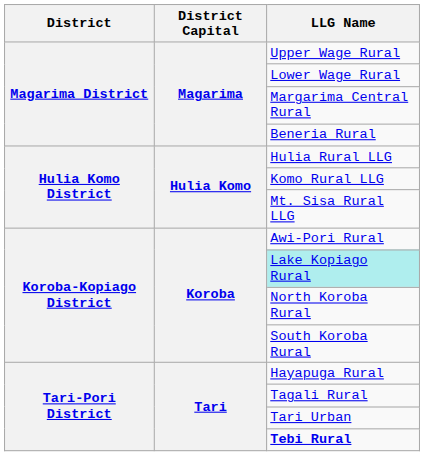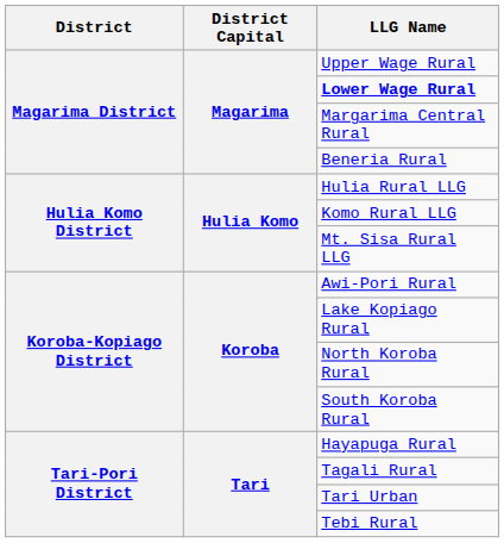 <table class="wikitable" style="text-align: left;" width="400">
 <tr>
 <th>District</th>
 <th>District Capital</th>
 <th>LLG Name</th>
 </tr>
 <tr>
 <th rowspan="4"><a href='#'>Magarima District</a></th>
 <th rowspan="4"><a href='#'>Magarima</a></th>
 <td><a href='#'>Upper Wage Rural</a></td>
 </tr>
 <tr>
-<td><a href='#'>Lower Wage Rural</a></td>
+<td><strong><a href='#'>Lower Wage Rural</a></strong></td>
 </tr>
 <tr>
 <td><a href='#'>Margarima Central Rural</a></td>
 </tr>
 <tr>
 <td><a href='#'>Beneria Rural</a></td>
 </tr>
 <tr>
 <th rowspan="3"><a href='#'>Hulia Komo District</a></th>
 <th rowspan="3"><a href='#'>Hulia Komo</a></th>
 <td><a href='#'>Hulia Rural LLG</a></td>
 </tr>
 <tr>
 <td><a href='#'>Komo Rural LLG</a></td>
 </tr>
 <tr>
 <td><a href='#'>Mt. Sisa Rural LLG</a></td>
 </tr>
 <tr>
 <th rowspan="4"><a href='#'>Koroba-Kopiago District</a></th>
 <th rowspan="4"><a href='#'>Koroba</a></th>
 <td><a href='#'>Awi-Pori Rural</a></td>
 </tr>
 <tr>
-<td style="background: paleturquoise;"><a href='#'>Lake Kopiago Rural</a></td>
+<td><a href='#'>Lake Kopiago Rural</a></td>
 </tr>
 <tr>
 <td><a href='#'>North Koroba Rural</a></td>
 </tr>
 <tr>
 <td><a href='#'>South Koroba Rural</a></td>
 </tr>
 <tr>
 <th rowspan="4"><a href='#'>Tari-Pori District</a></th>
 <th rowspan="4"><a href='#'>Tari</a></th>
 <td><a href='#'>Hayapuga Rural</a></td>
 </tr>
 <tr>
 <td><a href='#'>Tagali Rural</a></td>
 </tr>
 <tr>
 <td><a href='#'>Tari Urban</a></td>
 </tr>
 <tr>
-<td><strong><a href='#'>Tebi Rural</a></strong></td>
+<td><a href='#'>Tebi Rural</a></td>
 </tr>
 </table>
